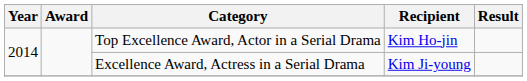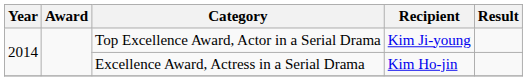 <table class="wikitable">
 <tr>
 <th>Year</th>
 <th>Award</th>
 <th>Category</th>
 <th>Recipient</th>
 <th>Result</th>
 </tr>
 <tr>
 <td rowspan=2>2014</td>
 <td rowspan=2></td>
 <td>Top Excellence Award, Actor in a Serial Drama</td>
-<td><a href='#'>Kim Ho-jin</a></td>
+<td><a href='#'>Kim Ji-young</a></td>
 <td></td>
 </tr>
 <tr>
 <td>Excellence Award, Actress in a Serial Drama</td>
-<td><a href='#'>Kim Ji-young</a></td>
+<td><a href='#'>Kim Ho-jin</a></td>
 <td></td>
 </tr>
 <tr>
 </tr>
 </table>
